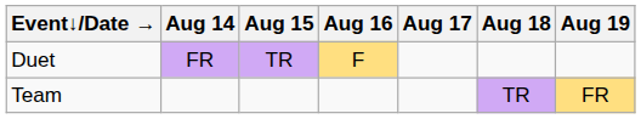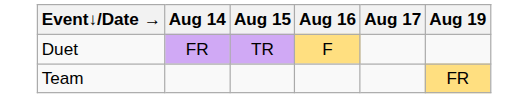 <table class="wikitable" style="margin:0.5em auto; font-size:90%; line-height:1.25em; text-align:center;">
 <tr>
 <th>Event↓/Date →</th>
 <th>Aug 14</th>
 <th>Aug 15</th>
 <th>Aug 16</th>
 <th>Aug 17</th>
-<th>Aug 18</th>
 <th>Aug 19</th>
 </tr>
 <tr>
 <td style="text-align:left;">Duet</td>
 <td style="background-color:#D0A9F5;">FR</td>
 <td style="background-color:#D0A9F5;">TR</td>
 <td style="background-color:#FFDF80;">F</td>
 <td></td>
 <td></td>
-<td></td>
 </tr>
 <tr>
 <td style="text-align:left;">Team</td>
 <td></td>
 <td></td>
 <td></td>
 <td></td>
-<td style="background-color:#D0A9F5;">TR</td>
 <td style="background-color:#FFDF80;">FR</td>
 </tr>
 </table>
